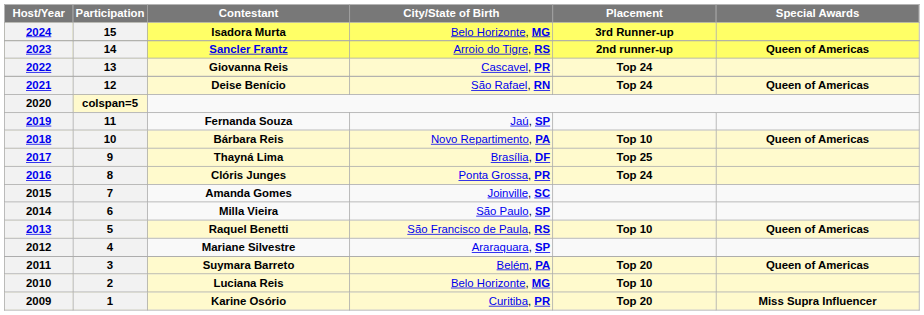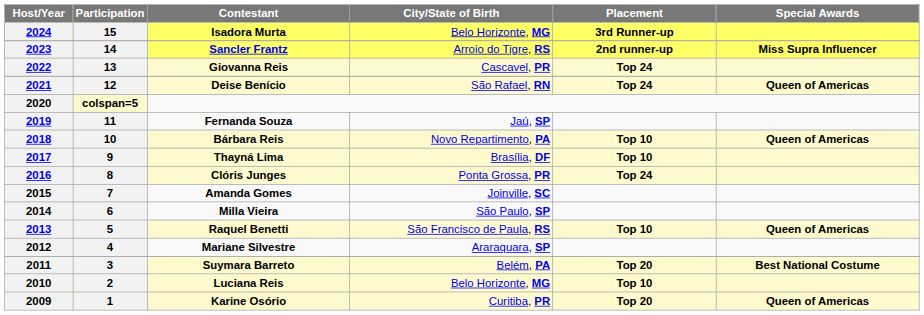 <table class="wikitable sortable" style="font-size: 90%; text-align:center">
 <tr>
 <th width="80" style="background-color:#787878;color:#FFFFFF;">Host/Year</th>
 <th width="80" style="background-color:#787878;color:#FFFFFF;">Participation</th>
 <th width="250" style="background-color:#787878;color:#FFFFFF;">Contestant</th>
 <th width="250" style="background-color:#787878;color:#FFFFFF;">City/State of Birth</th>
 <th width="200" style="background-color:#787878;color:#FFFFFF;">Placement</th>
 <th width="250" style="background-color:#787878;color:#FFFFFF;">Special Awards</th>
 </tr>
 <tr bgcolor="FFFF66">
 <th><a href='#'>2024</a></th>
 <th>15</th>
 <td><strong>Isadora Murta</strong></td>
 <td align="right"><a href='#'>Belo Horizonte</a>, <strong><a href='#'>MG</a></strong></td>
 <td><strong>3rd Runner-up</strong></td>
 <td></td>
 </tr>
 <tr>
 </tr>
 <tr bgcolor="FFFF66">
 <th><a href='#'>2023</a></th>
 <th>14</th>
 <td><strong><a href='#'>Sancler Frantz</a></strong></td>
 <td align="right"><a href='#'>Arroio do Tigre</a>, <strong><a href='#'>RS</a></strong></td>
 <td><strong>2nd runner-up</strong></td>
-<td><strong>Queen of Americas</strong></td>
+<td><strong>Miss Supra Influencer</strong></td>
 </tr>
 <tr bgcolor="FFFACD">
 <th><a href='#'>2022</a></th>
 <th>13</th>
 <td><strong>Giovanna Reis</strong></td>
 <td align="right"><a href='#'>Cascavel</a>, <strong><a href='#'>PR</a></strong></td>
 <td><strong>Top 24</strong></td>
 <td></td>
 </tr>
 <tr>
 </tr>
 <tr bgcolor="FFFACD">
 <th><a href='#'>2021</a></th>
 <th>12</th>
 <td><strong>Deise Benício</strong></td>
 <td align="right"><a href='#'>São Rafael</a>, <strong><a href='#'>RN</a></strong></td>
 <td><strong>Top 24</strong></td>
 <td><strong>Queen of Americas</strong></td>
 </tr>
 <tr bgcolor="FFFACD">
 <th>2020</th>
 <td><strong>colspan=5 </strong></td>
 </tr>
 <tr>
 <th><a href='#'>2019</a></th>
 <th>11</th>
 <td><strong>Fernanda Souza</strong></td>
 <td align="right"><a href='#'>Jaú</a>, <strong><a href='#'>SP</a></strong></td>
 <td></td>
 <td></td>
 </tr>
 <tr bgcolor="FFFACD">
 <th><a href='#'>2018</a></th>
 <th>10</th>
 <td><strong>Bárbara Reis</strong></td>
 <td align="right"><a href='#'>Novo Repartimento</a>, <strong><a href='#'>PA</a></strong></td>
 <td><strong>Top 10</strong></td>
 <td><strong>Queen of Americas</strong></td>
 </tr>
 <tr bgcolor="FFFACD">
 <th><a href='#'>2017</a></th>
 <th>9</th>
 <td><strong>Thayná Lima</strong></td>
 <td align="right"><a href='#'>Brasília</a>, <strong><a href='#'>DF</a></strong></td>
-<td><strong>Top 25</strong></td>
+<td><strong>Top 10</strong></td>
 <td></td>
 </tr>
 <tr bgcolor="FFFACD">
 <th><a href='#'>2016</a></th>
 <th>8</th>
 <td><strong>Clóris Junges</strong></td>
 <td align="right"><a href='#'>Ponta Grossa</a>, <strong><a href='#'>PR</a></strong></td>
 <td><strong>Top 24</strong></td>
 <td></td>
 </tr>
 <tr>
 <th>2015</th>
 <th>7</th>
 <td><strong>Amanda Gomes</strong></td>
 <td align="right"><a href='#'>Joinville</a>, <strong><a href='#'>SC</a></strong></td>
 <td></td>
 <td></td>
 </tr>
 <tr>
 <th>2014</th>
 <th>6</th>
 <td><strong>Milla Vieira</strong></td>
 <td align="right"><a href='#'>São Paulo</a>, <strong><a href='#'>SP</a></strong></td>
 <td></td>
 <td></td>
 </tr>
 <tr bgcolor="FFFACD">
 <th><a href='#'>2013</a></th>
 <th>5</th>
 <td><strong>Raquel Benetti</strong></td>
 <td align="right"><a href='#'>São Francisco de Paula</a>, <strong><a href='#'>RS</a></strong></td>
 <td><strong>Top 10</strong></td>
 <td><strong>Queen of Americas</strong></td>
 </tr>
 <tr>
 <th>2012</th>
 <th>4</th>
 <td><strong>Mariane Silvestre</strong></td>
 <td align="right"><a href='#'>Araraquara</a>, <strong><a href='#'>SP</a></strong></td>
 <td></td>
 <td></td>
 </tr>
 <tr>
 </tr>
 <tr bgcolor="FFFACD">
 <th>2011</th>
 <th>3</th>
 <td><strong>Suymara Barreto</strong></td>
 <td align="right"><a href='#'>Belém</a>, <strong><a href='#'>PA</a></strong></td>
 <td><strong>Top 20</strong></td>
-<td><strong>Queen of Americas</strong></td>
+<td><strong>Best National Costume</strong></td>
 </tr>
 <tr bgcolor="FFFACD">
 <th>2010</th>
 <th>2</th>
 <td><strong>Luciana Reis</strong></td>
 <td align="right"><a href='#'>Belo Horizonte</a>, <strong><a href='#'>MG</a></strong></td>
 <td><strong>Top 10</strong></td>
 <td></td>
 </tr>
 <tr bgcolor="FFFACD">
 <th>2009</th>
 <th>1</th>
 <td><strong>Karine Osório</strong></td>
 <td align="right"><a href='#'>Curitiba</a>, <strong><a href='#'>PR</a></strong></td>
 <td><strong>Top 20</strong></td>
-<td><strong>Miss Supra Influencer</strong></td>
+<td><strong>Queen of Americas</strong></td>
 </tr>
 </table>
